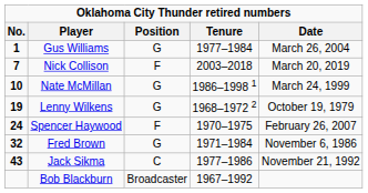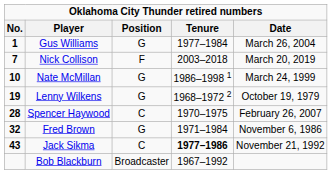 <table class="wikitable sortable" style="text-align:center">
 <tr>
 <td colspan="5"><strong>Oklahoma City Thunder retired numbers</strong></td>
 </tr>
 <tr>
 <th>No.</th>
 <th>Player</th>
 <th>Position</th>
 <th>Tenure</th>
 <th>Date</th>
 </tr>
 <tr>
 <td><strong>1</strong></td>
 <td><a href='#'>Gus Williams</a></td>
 <td>G</td>
 <td>1977–1984</td>
 <td>March 26, 2004</td>
 </tr>
 <tr>
 <td><strong>7</strong></td>
 <td><a href='#'>Nick Collison</a></td>
 <td>F</td>
 <td>2003–2018</td>
 <td>March 20, 2019</td>
 </tr>
 <tr>
 <td><strong>10</strong></td>
 <td><a href='#'>Nate McMillan</a></td>
 <td>G</td>
 <td>1986–1998 <sup>1</sup></td>
 <td>March 24, 1999</td>
 </tr>
 <tr>
 <td><strong>19</strong></td>
 <td><a href='#'>Lenny Wilkens</a></td>
 <td>G</td>
 <td>1968–1972 <sup>2</sup></td>
 <td>October 19, 1979</td>
 </tr>
 <tr>
-<td><strong>24</strong></td>
+<td><strong>28</strong></td>
 <td><a href='#'>Spencer Haywood</a></td>
-<td>F</td>
+<td>C</td>
 <td>1970–1975</td>
 <td>February 26, 2007</td>
 </tr>
 <tr>
 <td><strong>32</strong></td>
 <td><a href='#'>Fred Brown</a></td>
 <td>G</td>
 <td>1971–1984</td>
 <td>November 6, 1986</td>
 </tr>
 <tr>
 <td><strong>43</strong></td>
 <td><a href='#'>Jack Sikma</a></td>
 <td>C</td>
-<td>1977–1986</td>
+<td><strong>1977–1986</strong></td>
 <td>November 21, 1992</td>
 </tr>
 <tr>
 <td></td>
 <td><a href='#'>Bob Blackburn</a></td>
 <td>Broadcaster</td>
 <td>1967–1992</td>
 <td></td>
 </tr>
 </table>
